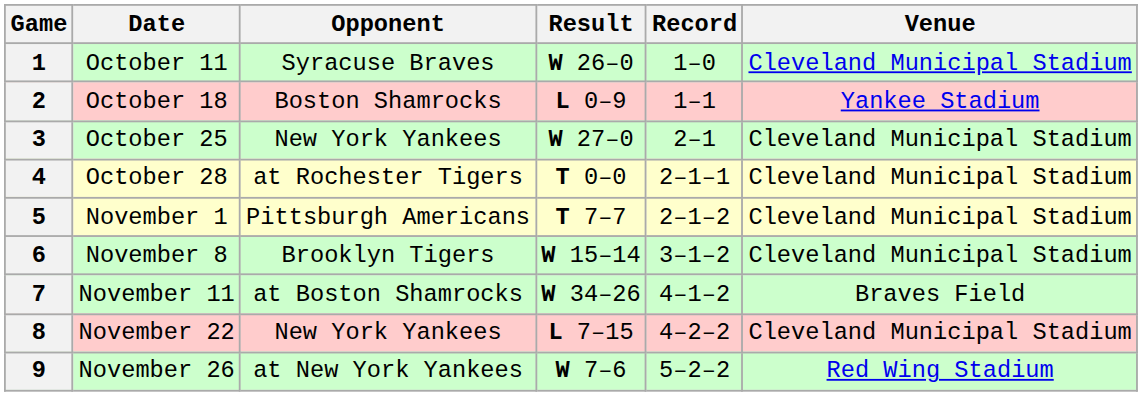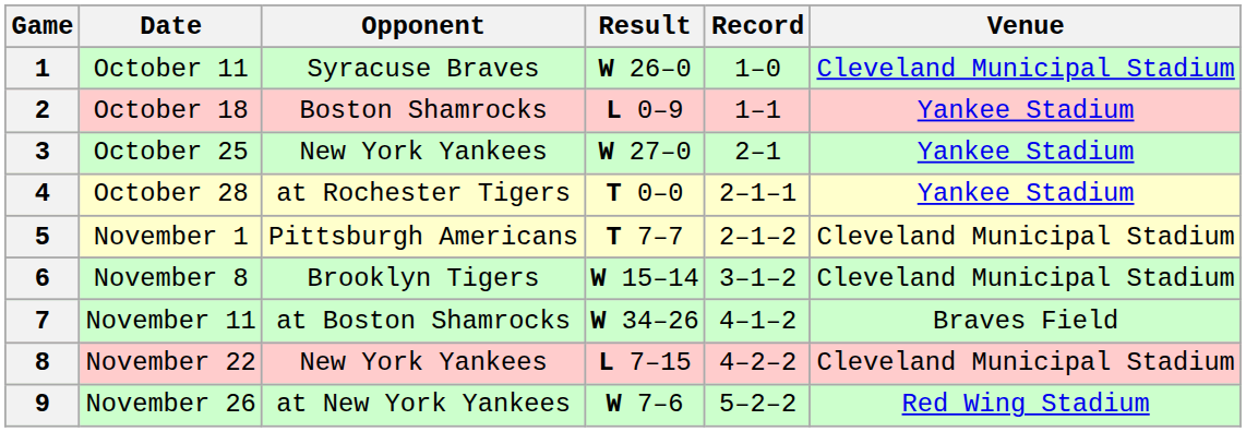 <table class="wikitable" style="text-align:center">
 <tr>
 <th>Game</th>
 <th>Date</th>
 <th>Opponent</th>
 <th>Result</th>
 <th>Record</th>
 <th>Venue</th>
 </tr>
 <tr style="background:#cfc">
 <th>1</th>
 <td>October 11</td>
 <td>Syracuse Braves</td>
 <td><strong>W</strong> 26–0</td>
 <td>1–0</td>
 <td><a href='#'>Cleveland Municipal Stadium</a></td>
 </tr>
 <tr style="background:#fcc">
 <th>2</th>
 <td>October 18</td>
 <td>Boston Shamrocks</td>
 <td><strong>L</strong> 0–9</td>
 <td>1–1</td>
 <td><a href='#'>Yankee Stadium</a></td>
 </tr>
 <tr style="background:#cfc">
 <th>3</th>
 <td>October 25</td>
 <td>New York Yankees</td>
 <td><strong>W</strong> 27–0</td>
 <td>2–1</td>
-<td>Cleveland Municipal Stadium</td>
+<td><a href='#'>Yankee Stadium</a></td>
 </tr>
 <tr style="background:#ffc">
 <th>4</th>
 <td>October 28</td>
 <td>at Rochester Tigers</td>
 <td><strong>T</strong> 0–0</td>
 <td>2–1–1</td>
-<td>Cleveland Municipal Stadium</td>
+<td><a href='#'>Yankee Stadium</a></td>
 </tr>
 <tr style="background:#ffc">
 <th>5</th>
 <td>November 1</td>
 <td>Pittsburgh Americans</td>
 <td><strong>T</strong> 7–7</td>
 <td>2–1–2</td>
 <td>Cleveland Municipal Stadium</td>
 </tr>
 <tr style="background:#cfc">
 <th>6</th>
 <td>November 8</td>
 <td>Brooklyn Tigers</td>
 <td><strong>W</strong> 15–14</td>
 <td>3–1–2</td>
 <td>Cleveland Municipal Stadium</td>
 </tr>
 <tr style="background:#cfc">
 <th>7</th>
 <td>November 11</td>
 <td>at Boston Shamrocks</td>
 <td><strong>W</strong> 34–26</td>
 <td>4–1–2</td>
 <td>Braves Field</td>
 </tr>
 <tr style="background:#fcc">
 <th>8</th>
 <td>November 22</td>
 <td>New York Yankees</td>
 <td><strong>L</strong> 7–15</td>
 <td>4–2–2</td>
 <td>Cleveland Municipal Stadium</td>
 </tr>
 <tr style="background:#cfc">
 <th>9</th>
 <td>November 26</td>
 <td>at New York Yankees</td>
 <td><strong>W</strong> 7–6</td>
 <td>5–2–2</td>
 <td><a href='#'>Red Wing Stadium</a></td>
 </tr>
 </table>
